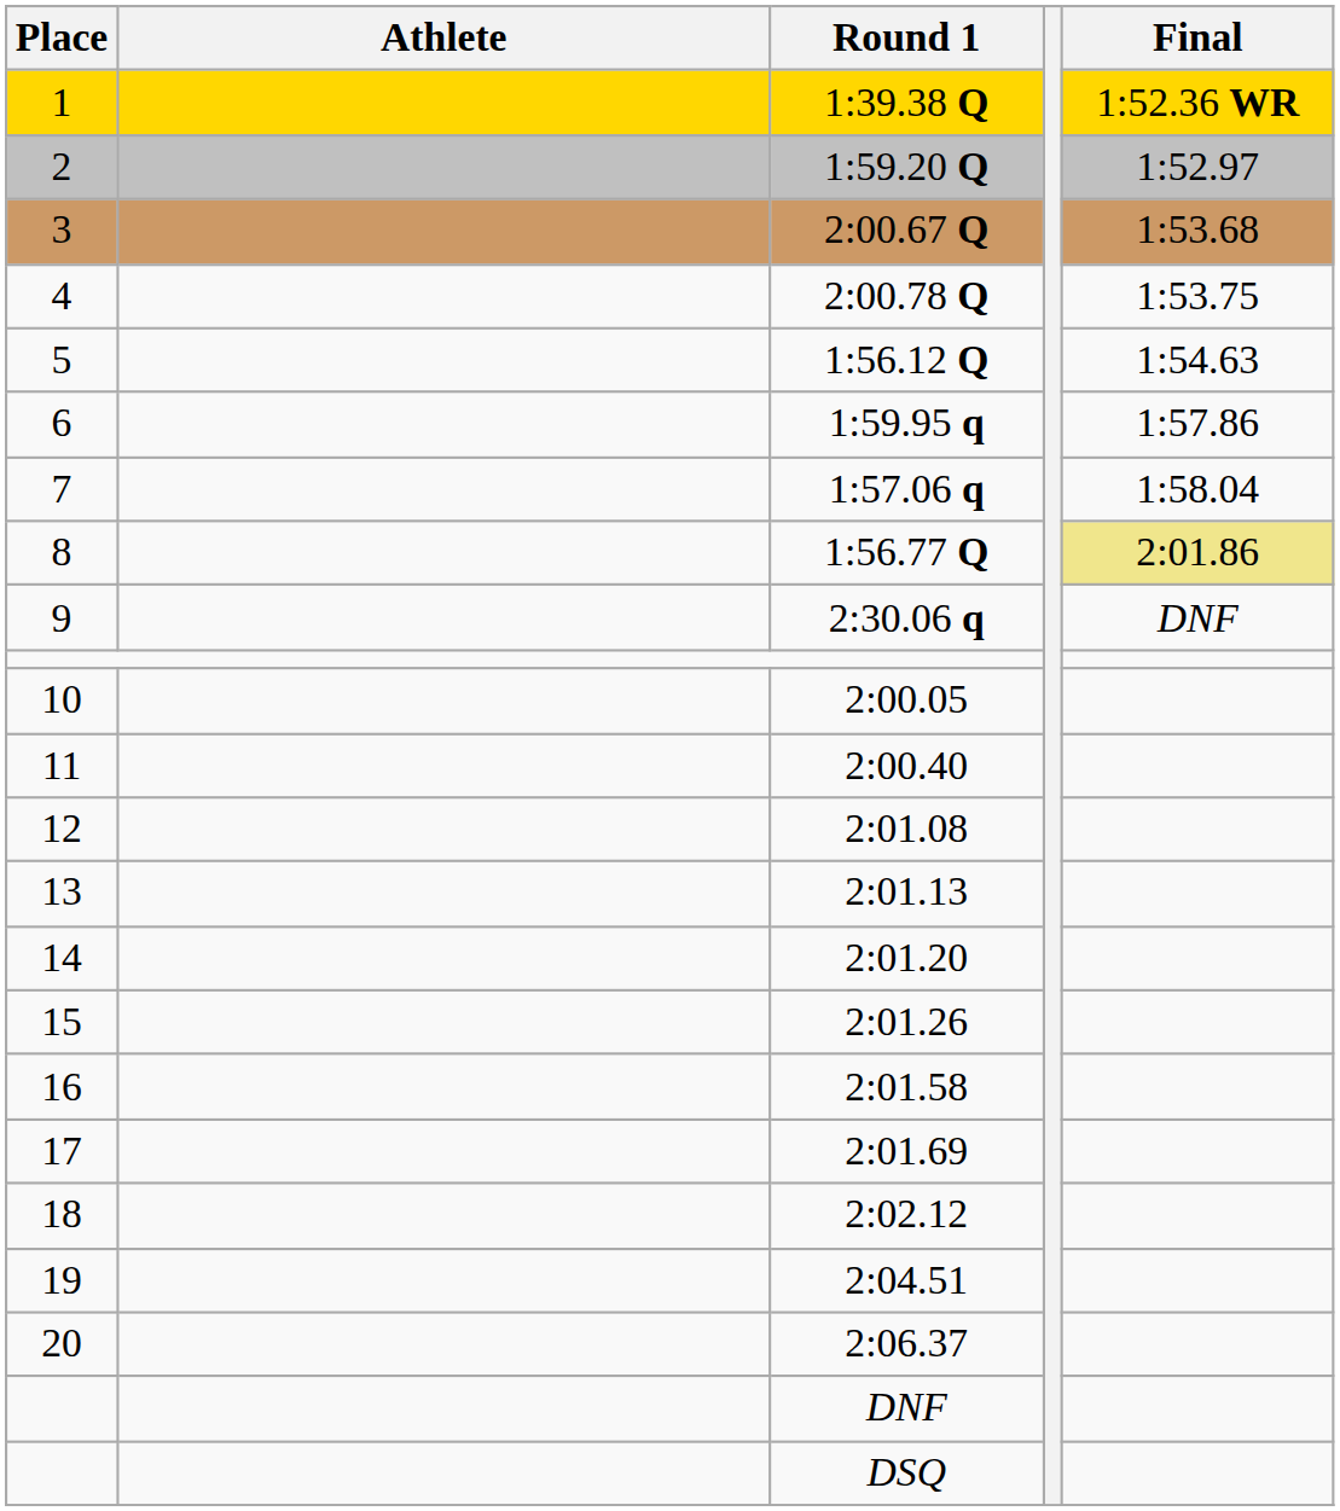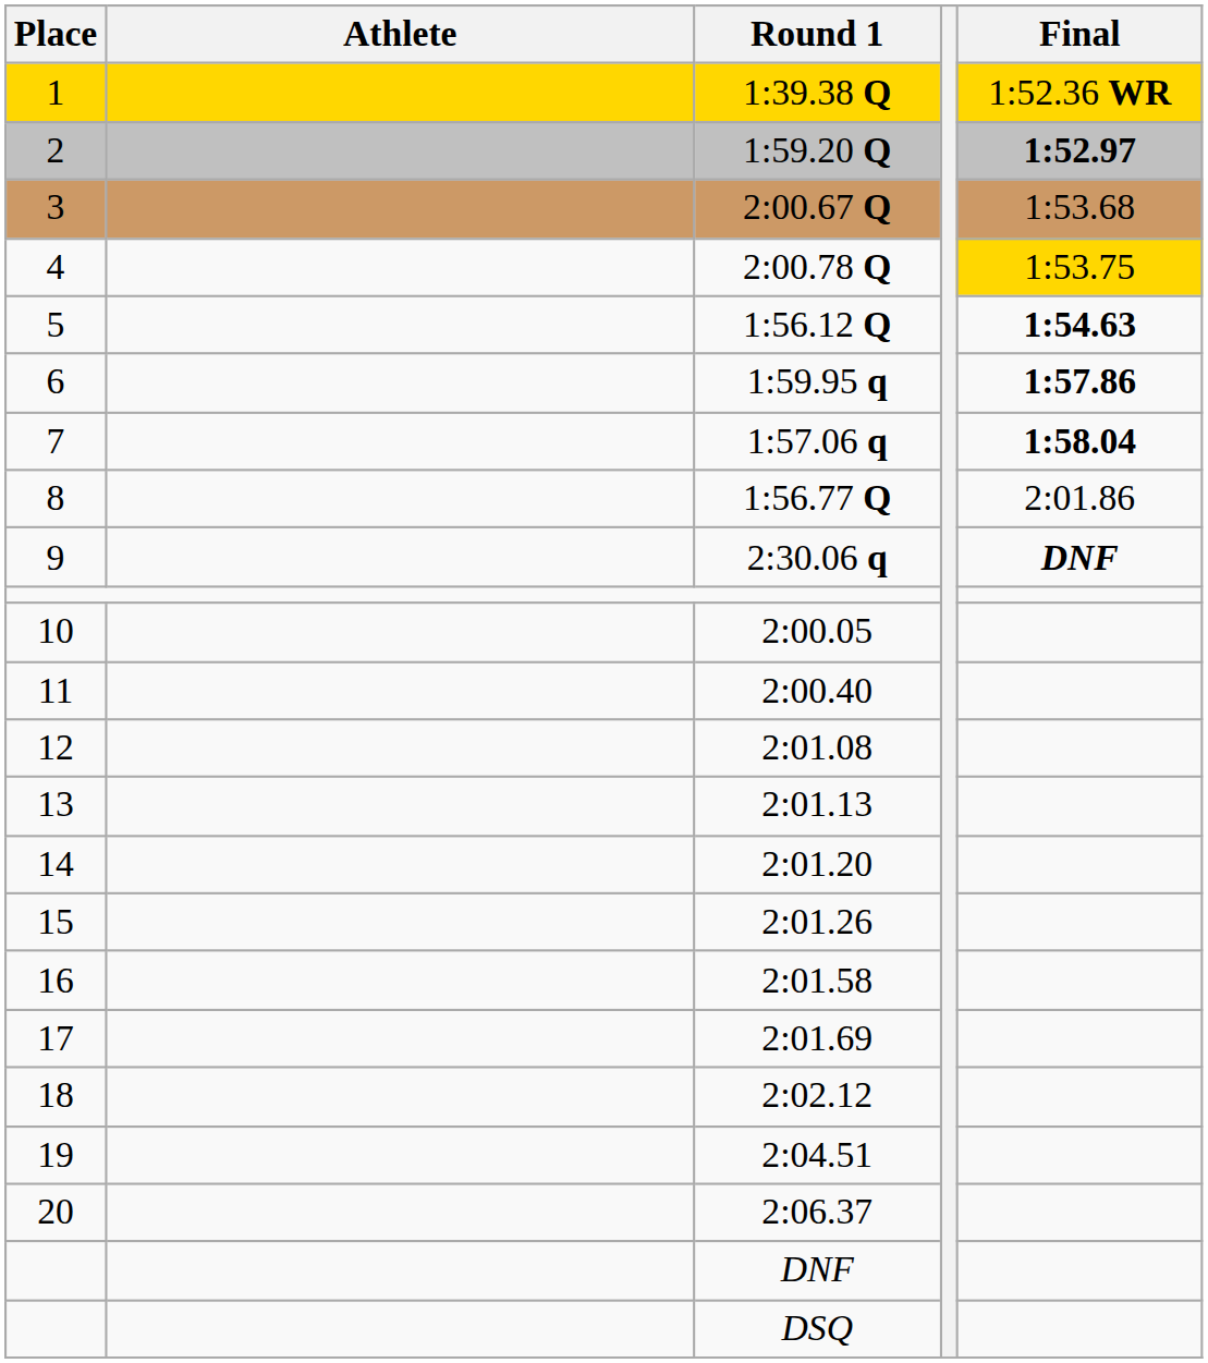 <table class="wikitable" style="text-align:center">
 <tr>
 <th>Place</th>
 <th width=250>Athlete</th>
 <th width=100>Round 1</th>
 <th rowspan=31></th>
 <th width=100>Final</th>
 </tr>
 <tr bgcolor=gold>
 <td>1</td>
 <td align=left></td>
 <td>1:39.38 <strong>Q</strong></td>
 <td>1:52.36 <strong>WR</strong></td>
 </tr>
 <tr bgcolor=silver>
 <td>2</td>
 <td align=left></td>
 <td>1:59.20 <strong>Q</strong></td>
-<td>1:52.97</td>
+<td><strong>1:52.97</strong></td>
 </tr>
 <tr bgcolor=cc9966>
 <td>3</td>
 <td align=left></td>
 <td>2:00.67 <strong>Q</strong></td>
 <td>1:53.68</td>
 </tr>
 <tr>
 <td>4</td>
 <td align=left></td>
 <td>2:00.78 <strong>Q</strong></td>
-<td>1:53.75</td>
+<td style="background: gold;">1:53.75</td>
 </tr>
 <tr>
 <td>5</td>
 <td align=left></td>
 <td>1:56.12 <strong>Q</strong></td>
-<td>1:54.63</td>
+<td><strong>1:54.63</strong></td>
 </tr>
 <tr>
 <td>6</td>
 <td align=left></td>
 <td>1:59.95 <strong>q</strong></td>
-<td>1:57.86</td>
+<td><strong>1:57.86</strong></td>
 </tr>
 <tr>
 <td>7</td>
 <td align=left></td>
 <td>1:57.06 <strong>q</strong></td>
-<td>1:58.04</td>
+<td><strong>1:58.04</strong></td>
 </tr>
 <tr>
 <td>8</td>
 <td align=left></td>
 <td>1:56.77 <strong>Q</strong></td>
-<td style="background: khaki;">2:01.86</td>
+<td>2:01.86</td>
 </tr>
 <tr>
 <td>9</td>
 <td align=left></td>
 <td>2:30.06 <strong>q</strong></td>
-<td><em>DNF</em></td>
+<td><strong><em>DNF</em></strong></td>
 </tr>
 <tr>
 <td colspan=10></td>
 </tr>
 <tr>
 <td>10</td>
 <td align=left></td>
 <td>2:00.05</td>
 <td></td>
 </tr>
 <tr>
 <td>11</td>
 <td align=left></td>
 <td>2:00.40</td>
 <td></td>
 </tr>
 <tr>
 <td>12</td>
 <td align=left></td>
 <td>2:01.08</td>
 <td></td>
 </tr>
 <tr>
 <td>13</td>
 <td align=left></td>
 <td>2:01.13</td>
 <td></td>
 </tr>
 <tr>
 <td>14</td>
 <td align=left></td>
 <td>2:01.20</td>
 <td></td>
 </tr>
 <tr>
 <td>15</td>
 <td align=left></td>
 <td>2:01.26</td>
 <td></td>
 </tr>
 <tr>
 <td>16</td>
 <td align=left></td>
 <td>2:01.58</td>
 <td></td>
 </tr>
 <tr>
 <td>17</td>
 <td align=left></td>
 <td>2:01.69</td>
 <td></td>
 </tr>
 <tr>
 <td>18</td>
 <td align=left></td>
 <td>2:02.12</td>
 <td></td>
 </tr>
 <tr>
 <td>19</td>
 <td align=left></td>
 <td>2:04.51</td>
 <td></td>
 </tr>
 <tr>
 <td>20</td>
 <td align=left></td>
 <td>2:06.37</td>
 <td></td>
 </tr>
 <tr>
 <td></td>
 <td align=left></td>
 <td><em>DNF</em></td>
 <td></td>
 </tr>
 <tr>
 <td></td>
 <td align=left></td>
 <td><em>DSQ</em></td>
 <td></td>
 </tr>
 <tr>
 </tr>
 </table>
